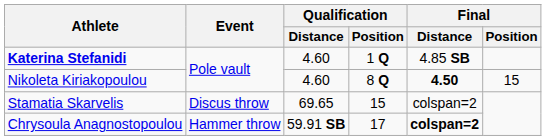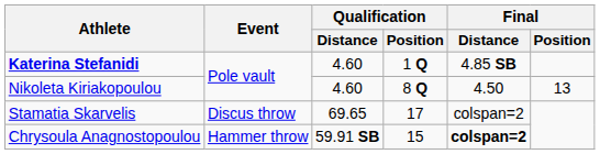 <table class=wikitable style="font-size:90%">
 <tr>
 <th rowspan="2">Athlete</th>
 <th rowspan="2">Event</th>
 <th colspan="2">Qualification</th>
 <th colspan="2">Final</th>
 </tr>
 <tr style="font-size:95%">
 <th>Distance</th>
 <th>Position</th>
 <th>Distance</th>
 <th>Position</th>
 </tr>
 <tr style=text-align:center>
 <td style=text-align:left><strong><a href='#'>Katerina Stefanidi</a></strong></td>
 <td style=text-align:left rowspan=2><a href='#'>Pole vault</a></td>
 <td>4.60</td>
 <td>1 <strong>Q</strong></td>
 <td>4.85 <strong>SB</strong></td>
 <td></td>
 </tr>
 <tr style=text-align:center>
 <td style=text-align:left><a href='#'>Nikoleta Kiriakopoulou</a></td>
 <td>4.60</td>
 <td>8 <strong>Q</strong></td>
-<td><strong>4.50</strong></td>
-<td>15</td>
+<td>4.50</td>
+<td>13</td>
 </tr>
 <tr style=text-align:center>
 <td style=text-align:left><a href='#'>Stamatia Skarvelis</a></td>
 <td style=text-align:left><a href='#'>Discus throw</a></td>
 <td>69.65</td>
-<td>15</td>
+<td>17</td>
 <td>colspan=2 </td>
 </tr>
 <tr style=text-align:center>
 <td style=text-align:left><a href='#'>Chrysoula Anagnostopoulou</a></td>
 <td style=text-align:left><a href='#'>Hammer throw</a></td>
 <td>59.91 <strong>SB</strong></td>
-<td>17</td>
+<td>15</td>
 <td><strong>colspan=2 </strong></td>
 </tr>
 </table>
